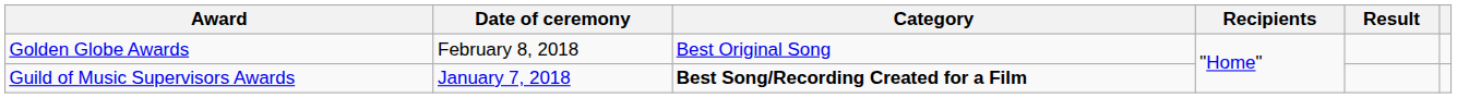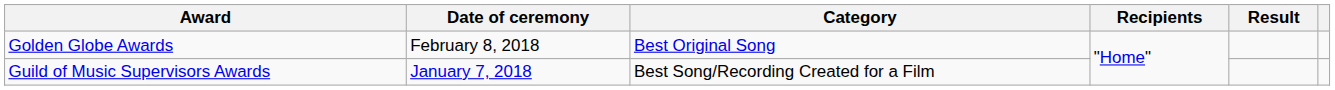 <table class="wikitable sortable plainrowheaders" style="width: 99%;">
 <tr>
 <th scope="col">Award</th>
 <th scope="col">Date of ceremony</th>
 <th scope="col">Category</th>
 <th scope="col">Recipients</th>
 <th scope="col">Result</th>
 <th scope="col" class="unsortable"></th>
 </tr>
 <tr>
 <td><a href='#'>Golden Globe Awards</a></td>
 <td>February 8, 2018</td>
 <td><a href='#'>Best Original Song</a></td>
 <td rowspan="2">"<a href='#'>Home</a>"</td>
 <td></td>
 <td style="text-align:center;"></td>
 </tr>
 <tr>
 <td><a href='#'>Guild of Music Supervisors Awards</a></td>
 <td><a href='#'>January 7, 2018</a></td>
-<td><strong>Best Song/Recording Created for a Film</strong></td>
+<td>Best Song/Recording Created for a Film</td>
 <td></td>
 <td style="text-align:center;"></td>
 </tr>
 </table>
